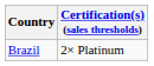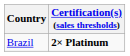 <table class="wikitable" border="1">
 <tr>
 <th>Country</th>
 <th><a href='#'>Certification(s)</a><br><small>(<a href='#'>sales thresholds</a>)</small></th>
 </tr>
 <tr>
 <td> <a href='#'>Brazil</a></td>
-<td>2× Platinum</td>
+<td><strong>2× Platinum</strong></td>
 </tr>
 </table>
